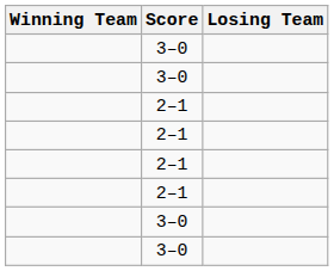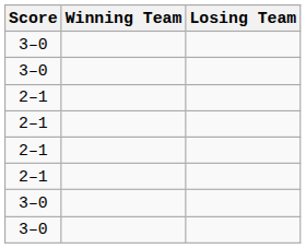 <table class=wikitable style="border:1px solid #AAAAAA;">
 <tr>
+<th>Score</th>
 <th>Winning Team</th>
-<th>Score</th>
 <th>Losing Team</th>
 </tr>
 <tr>
+<td align="center">3–0</td>
 <td></td>
-<td align="center">3–0</td>
 <td></td>
 </tr>
 <tr>
+<td align="center">3–0</td>
 <td><strong></strong></td>
-<td align="center">3–0</td>
 <td></td>
 </tr>
 <tr>
+<td align="center">2–1</td>
 <td><strong></strong></td>
-<td align="center">2–1</td>
 <td></td>
 </tr>
 <tr>
+<td align="center">2–1</td>
 <td><strong></strong></td>
-<td align="center">2–1</td>
 <td></td>
 </tr>
 <tr>
+<td align="center">2–1</td>
 <td><strong></strong></td>
-<td align="center">2–1</td>
 <td></td>
 </tr>
 <tr>
+<td align="center">2–1</td>
 <td><strong></strong></td>
-<td align="center">2–1</td>
 <td></td>
 </tr>
 <tr>
+<td align="center">3–0</td>
 <td><strong></strong></td>
-<td align="center">3–0</td>
 <td></td>
 </tr>
 <tr>
+<td align="center">3–0</td>
 <td><strong></strong></td>
-<td align="center">3–0</td>
 <td></td>
 </tr>
 </table>
